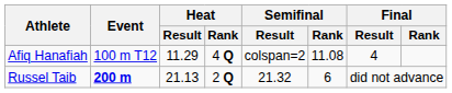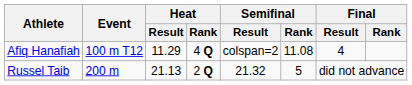 <table class="wikitable" style="font-size:90%; text-align:center">
 <tr>
 <th rowspan=2>Athlete</th>
 <th rowspan=2>Event</th>
 <th colspan=2>Heat</th>
 <th colspan=2>Semifinal</th>
 <th colspan=2>Final</th>
 </tr>
 <tr style="font-size:95%">
 <th>Result</th>
 <th>Rank</th>
 <th>Result</th>
 <th>Rank</th>
 <th>Result</th>
 <th>Rank</th>
 </tr>
 <tr>
 <td style="text-align:left"><a href='#'>Afiq Hanafiah</a></td>
 <td style="text-align:left"><a href='#'>100 m T12</a></td>
 <td>11.29</td>
 <td>4 <strong>Q</strong></td>
 <td>colspan=2 </td>
 <td>11.08</td>
 <td>4</td>
 </tr>
 <tr>
 <td style="text-align:left"><a href='#'>Russel Taib</a></td>
-<td style="text-align:left" rowspan=1><strong><a href='#'>200 m</a></strong></td>
+<td style="text-align:left" rowspan=1><a href='#'>200 m</a></td>
 <td>21.13</td>
 <td>2 <strong>Q</strong></td>
 <td>21.32</td>
-<td>6</td>
+<td>5</td>
 <td colspan=2>did not advance</td>
 </tr>
 </table>
